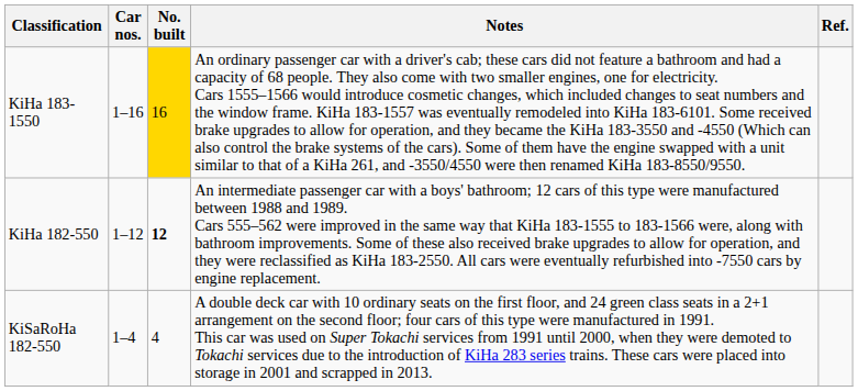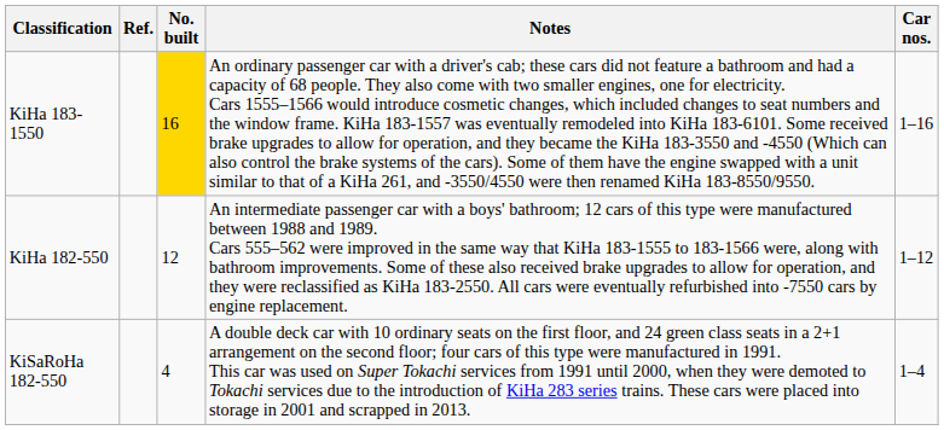 <table class="wikitable">
 <tr>
 <th>Classification</th>
-<th>Car nos.</th>
+<th>Ref.</th>
 <th>No. built</th>
 <th>Notes</th>
-<th>Ref.</th>
+<th>Car nos.</th>
 </tr>
 <tr>
 <td>KiHa 183-1550</td>
-<td>1–16</td>
+<td></td>
 <td style="background: gold;">16</td>
 <td>An ordinary passenger car with a driver's cab; these cars did not feature a bathroom and had a capacity of 68 people. They also come with two smaller engines, one for electricity.<br>Cars 1555–1566 would introduce cosmetic changes, which included changes to seat numbers and the window frame. KiHa 183-1557 was eventually remodeled into KiHa 183-6101. Some received brake upgrades to allow for  operation, and they became the KiHa 183-3550 and -4550 (Which can also control the brake systems of the  cars). Some of them have the engine swapped with a unit similar to that of a KiHa 261, and -3550/4550 were then renamed KiHa 183-8550/9550.</td>
-<td></td>
+<td>1–16</td>
 </tr>
 <tr>
 <td>KiHa 182-550</td>
+<td></td>
+<td>12</td>
+<td>An intermediate passenger car with a boys' bathroom; 12 cars of this type were manufactured between 1988 and 1989.<br>Cars 555–562 were improved in the same way that KiHa 183-1555 to 183-1566 were, along with bathroom improvements. Some of these also received brake upgrades to allow for  operation, and they were reclassified as KiHa 183-2550. All cars were eventually refurbished into -7550 cars by engine replacement.</td>
 <td>1–12</td>
-<td><strong>12</strong></td>
-<td>An intermediate passenger car with a boys' bathroom; 12 cars of this type were manufactured between 1988 and 1989.<br>Cars 555–562 were improved in the same way that KiHa 183-1555 to 183-1566 were, along with bathroom improvements. Some of these also received brake upgrades to allow for  operation, and they were reclassified as KiHa 183-2550. All cars were eventually refurbished into -7550 cars by engine replacement.</td>
-<td></td>
 </tr>
 <tr>
 <td>KiSaRoHa 182-550</td>
-<td>1–4</td>
+<td></td>
 <td>4</td>
 <td>A double deck car with 10 ordinary seats on the first floor, and 24 green class seats in a 2+1 arrangement on the second floor; four cars of this type were manufactured in 1991.<br>This car was used on <em>Super Tokachi</em> services from 1991 until 2000, when they were demoted to <em>Tokachi</em> services due to the introduction of <a href='#'>KiHa 283 series</a> trains. These cars were placed into storage in 2001 and scrapped in 2013.</td>
-<td></td>
+<td>1–4</td>
 </tr>
 </table>
